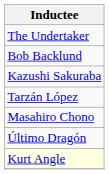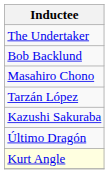 <table class="wikitable">
 <tr>
 <th>Inductee</th>
 </tr>
 <tr>
 <td><a href='#'>The Undertaker</a></td>
 </tr>
 <tr>
 <td><a href='#'>Bob Backlund</a></td>
 </tr>
 <tr>
-<td><a href='#'>Kazushi Sakuraba</a></td>
+<td><a href='#'>Masahiro Chono</a></td>
 </tr>
 <tr>
 <td><a href='#'>Tarzán López</a></td>
 </tr>
 <tr>
-<td><a href='#'>Masahiro Chono</a></td>
+<td><a href='#'>Kazushi Sakuraba</a></td>
 </tr>
 <tr>
 <td><a href='#'>Último Dragón</a></td>
 </tr>
 <tr>
 <td style="background: lightyellow;"><a href='#'>Kurt Angle</a></td>
 </tr>
 <tr>
 </tr>
 </table>
